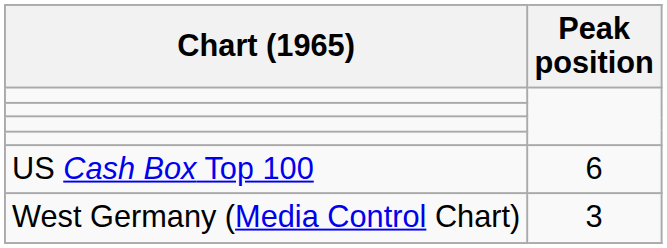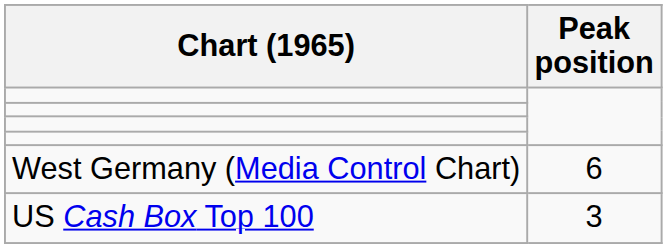 <table class="wikitable sortable">
 <tr>
 <th>Chart (1965)</th>
 <th>Peak<br>position</th>
 </tr>
 <tr>
 <td></td>
 </tr>
 <tr>
 <td></td>
 </tr>
 <tr>
 <td></td>
 </tr>
 <tr>
 <td></td>
 </tr>
 <tr>
-<td>US <a href='#'><em>Cash Box</em> Top 100</a></td>
+<td>West Germany (<a href='#'>Media Control</a> Chart)</td>
 <td align="center">6</td>
 </tr>
 <tr>
-<td>West Germany (<a href='#'>Media Control</a> Chart)</td>
+<td>US <a href='#'><em>Cash Box</em> Top 100</a></td>
 <td align="center">3</td>
 </tr>
 </table>
